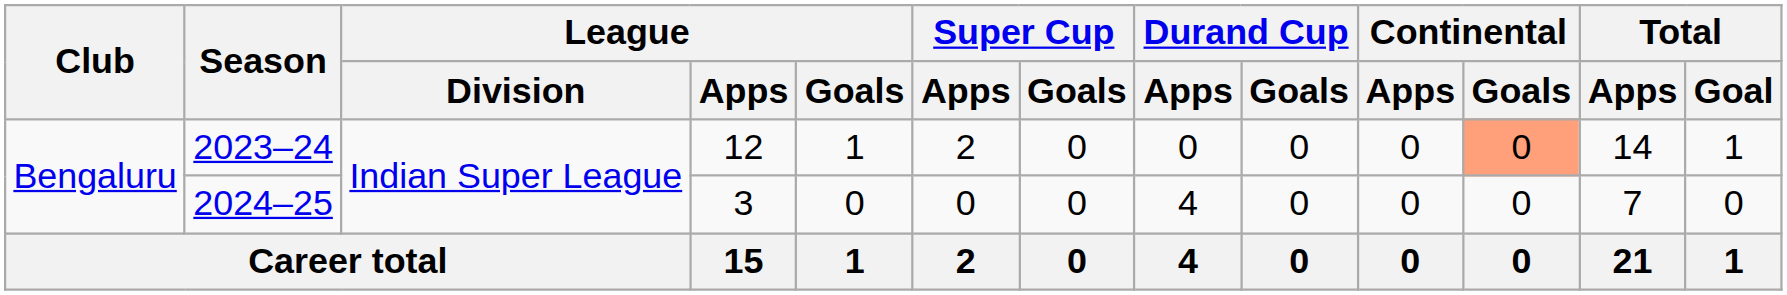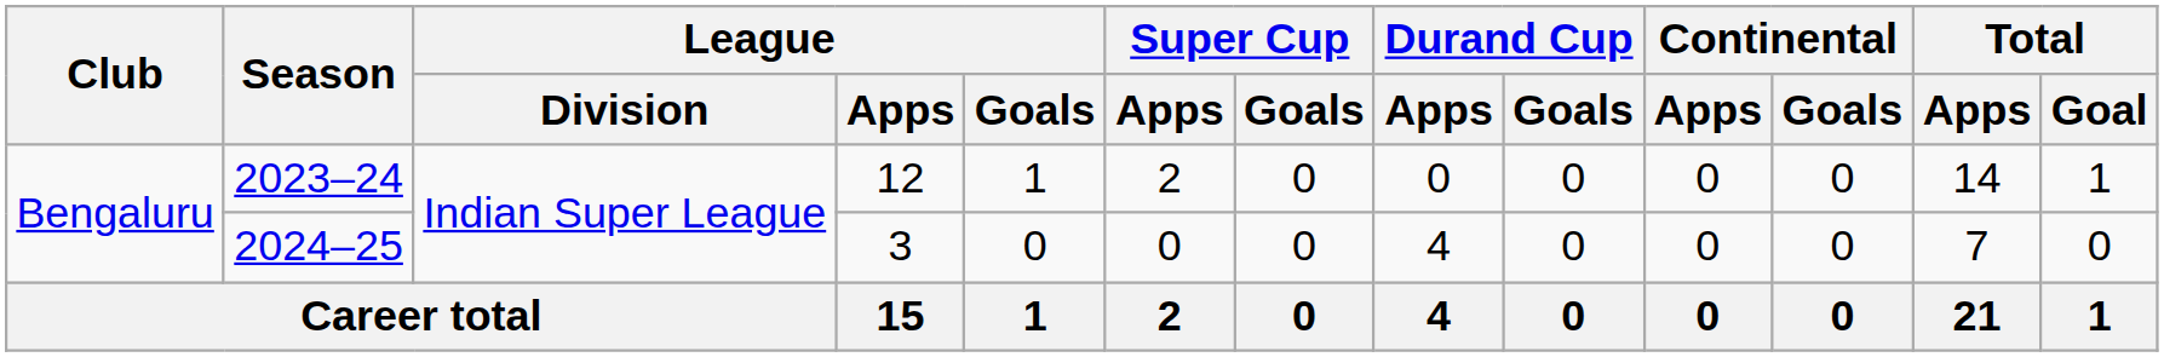 <table class="wikitable" style="text-align:center">
 <tr>
 <th rowspan="2">Club</th>
 <th rowspan="2">Season</th>
 <th colspan="3">League</th>
 <th colspan="2"><a href='#'>Super Cup</a></th>
 <th colspan="2"><a href='#'>Durand Cup</a></th>
 <th colspan="2">Continental</th>
 <th colspan="2">Total</th>
 </tr>
 <tr>
 <th>Division</th>
 <th>Apps</th>
 <th>Goals</th>
 <th>Apps</th>
 <th>Goals</th>
 <th>Apps</th>
 <th>Goals</th>
 <th>Apps</th>
 <th>Goals</th>
 <th>Apps</th>
 <th>Goal</th>
 </tr>
 <tr>
 <td rowspan="2"><a href='#'>Bengaluru</a></td>
 <td><a href='#'>2023–24</a></td>
 <td rowspan="2"><a href='#'>Indian Super League</a></td>
 <td>12</td>
 <td>1</td>
 <td>2</td>
 <td>0</td>
 <td>0</td>
 <td>0</td>
 <td>0</td>
-<td style="background: lightsalmon;">0</td>
+<td>0</td>
 <td>14</td>
 <td>1</td>
 </tr>
 <tr>
 <td><a href='#'>2024–25</a></td>
 <td>3</td>
 <td>0</td>
 <td>0</td>
 <td>0</td>
 <td>4</td>
 <td>0</td>
 <td>0</td>
 <td>0</td>
 <td>7</td>
 <td>0</td>
 </tr>
 <tr>
 <th colspan="3">Career total</th>
 <th>15</th>
 <th>1</th>
 <th>2</th>
 <th>0</th>
 <th>4</th>
 <th>0</th>
 <th>0</th>
 <th>0</th>
 <th>21</th>
 <th>1</th>
 </tr>
 </table>
